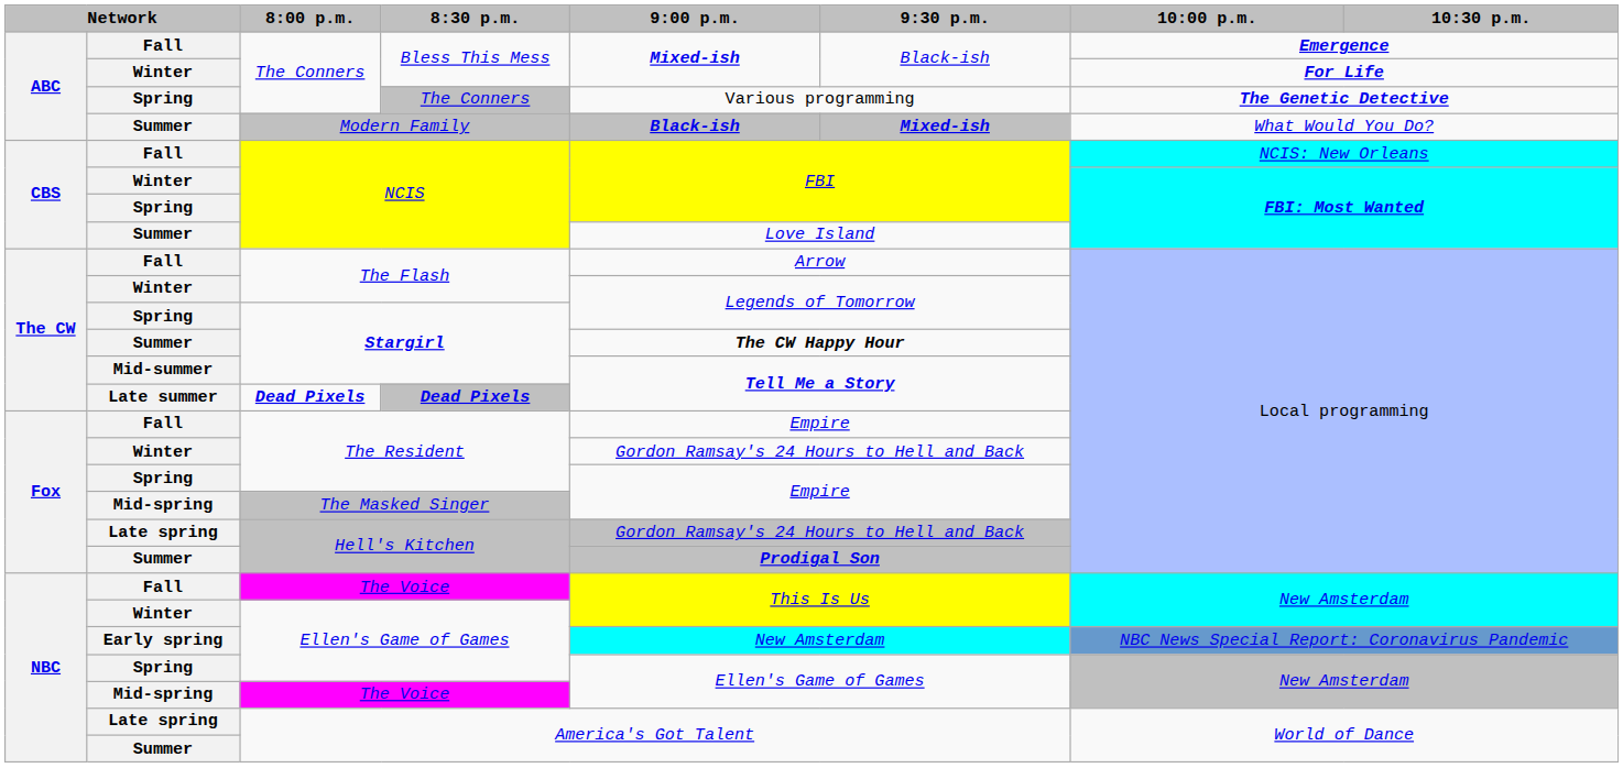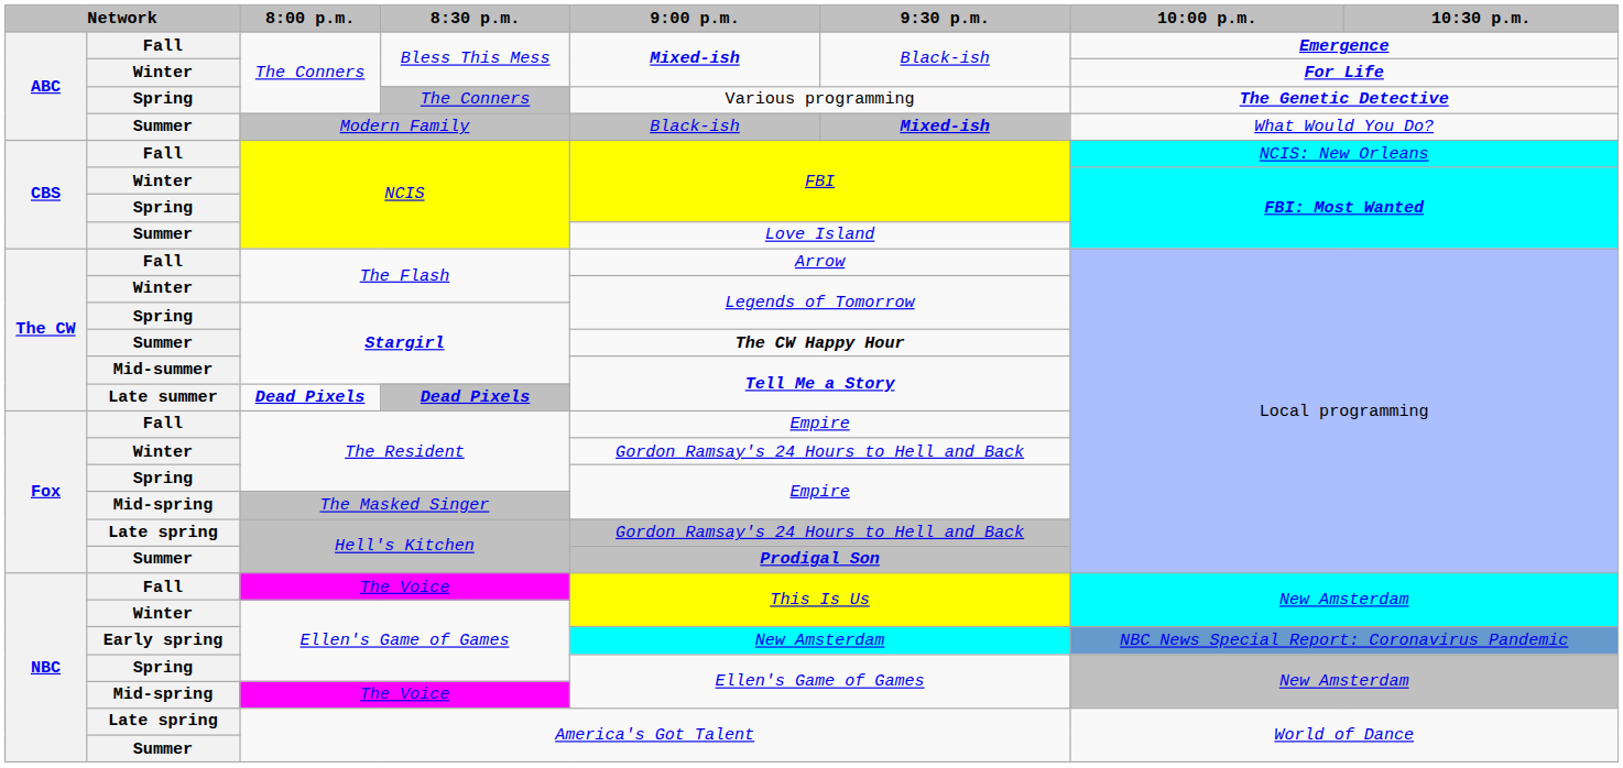 <table class="wikitable" style="width:100%;margin-right:0;text-align:center">
 <tr>
 <th colspan="2" style="background-color:#C0C0C0;text-align:center">Network</th>
 <th style="background-color:#C0C0C0;text-align:center">8:00 p.m.</th>
 <th style="background-color:#C0C0C0;text-align:center">8:30 p.m.</th>
 <th style="background-color:#C0C0C0;text-align:center">9:00 p.m.</th>
 <th style="background-color:#C0C0C0;text-align:center">9:30 p.m.</th>
 <th style="background-color:#C0C0C0;text-align:center">10:00 p.m.</th>
 <th style="background-color:#C0C0C0;text-align:center">10:30 p.m.</th>
 </tr>
 <tr>
 <th rowspan="4"><a href='#'>ABC</a></th>
 <th>Fall</th>
 <td rowspan="3"><em><a href='#'>The Conners</a></em></td>
 <td rowspan="2"><em><a href='#'>Bless This Mess</a></em></td>
 <td rowspan="2"><strong><em><a href='#'>Mixed-ish</a></em></strong></td>
 <td rowspan="2"><em><a href='#'>Black-ish</a></em></td>
 <td colspan="2"><strong><em><a href='#'>Emergence</a></em></strong></td>
 </tr>
 <tr>
 <th>Winter</th>
 <td colspan="2"><strong><em><a href='#'>For Life</a></em></strong></td>
 </tr>
 <tr>
 <th>Spring</th>
 <td style="background:#C0C0C0;"><em><a href='#'>The Conners</a></em> </td>
 <td colspan="2">Various programming</td>
 <td colspan="2"><strong><em><a href='#'>The Genetic Detective</a></em></strong></td>
 </tr>
 <tr>
 <th>Summer</th>
 <td colspan="2" style="background:#C0C0C0;"><em><a href='#'>Modern Family</a></em> </td>
-<td style="background:#C0C0C0;"><strong><em><a href='#'>Black-ish</a></em> </strong></td>
+<td style="background:#C0C0C0;"><em><a href='#'>Black-ish</a></em> </td>
 <td style="background:#C0C0C0;"><strong><em><a href='#'>Mixed-ish</a></em></strong> </td>
 <td colspan="2"><em><a href='#'>What Would You Do?</a></em></td>
 </tr>
 <tr>
 <th rowspan="4"><a href='#'>CBS</a></th>
 <th>Fall</th>
 <td rowspan="4" colspan="2" style="background:#FFFF00;"><em><a href='#'>NCIS</a></em> </td>
 <td rowspan="3" colspan="2" style="background:#FFFF00;"><em><a href='#'>FBI</a></em> </td>
 <td colspan="2" style="background:#00FFFF;"><em><a href='#'>NCIS: New Orleans</a></em> </td>
 </tr>
 <tr>
 <th>Winter</th>
 <td rowspan="3" colspan="2" style="background:#00FFFF;"><strong><em><a href='#'>FBI: Most Wanted</a></em></strong> </td>
 </tr>
 <tr>
 <th>Spring</th>
 </tr>
 <tr>
 <th>Summer</th>
 <td colspan="2"><em><a href='#'>Love Island</a></em></td>
 </tr>
 <tr>
 <th rowspan="6"><a href='#'>The CW</a></th>
 <th>Fall</th>
 <td rowspan="2" colspan="2"><em><a href='#'>The Flash</a></em></td>
 <td colspan="2"><em><a href='#'>Arrow</a></em></td>
 <td rowspan="12" colspan="2" style="background:#abbfff">Local programming</td>
 </tr>
 <tr>
 <th>Winter</th>
 <td rowspan="2" colspan="2"><em><a href='#'>Legends of Tomorrow</a></em></td>
 </tr>
 <tr>
 <th>Spring</th>
 <td rowspan="3" colspan="2"><strong><em><a href='#'>Stargirl</a></em></strong></td>
 </tr>
 <tr>
 <th>Summer</th>
 <td colspan="2"><strong><em>The CW Happy Hour</em></strong></td>
 </tr>
 <tr>
 <th>Mid-summer</th>
 <td rowspan="2" colspan="2"><strong><em><a href='#'>Tell Me a Story</a></em></strong></td>
 </tr>
 <tr>
 <th>Late summer</th>
 <td><strong><em><a href='#'>Dead Pixels</a></em></strong></td>
 <td style="background:#C0C0C0;"><strong><em><a href='#'>Dead Pixels</a></em></strong> </td>
 </tr>
 <tr>
 <th rowspan="6"><a href='#'>Fox</a></th>
 <th>Fall</th>
 <td rowspan="3" colspan="2"><em><a href='#'>The Resident</a></em></td>
 <td colspan="2"><em><a href='#'>Empire</a></em></td>
 </tr>
 <tr>
 <th>Winter</th>
 <td colspan="2"><em><a href='#'>Gordon Ramsay's 24 Hours to Hell and Back</a></em></td>
 </tr>
 <tr>
 <th>Spring</th>
 <td rowspan="2" colspan="2"><em><a href='#'>Empire</a></em></td>
 </tr>
 <tr>
 <th>Mid-spring</th>
 <td colspan="2" style="background:#C0C0C0;"><em><a href='#'>The Masked Singer</a></em> </td>
 </tr>
 <tr>
 <th>Late spring</th>
 <td rowspan="2" colspan="2" style="background:#C0C0C0;"><em><a href='#'>Hell's Kitchen</a></em> </td>
 <td colspan="2" style="background:#C0C0C0;"><em><a href='#'>Gordon Ramsay's 24 Hours to Hell and Back</a></em> </td>
 </tr>
 <tr>
 <th>Summer</th>
 <td colspan="2" style="background:#C0C0C0;"><strong><em><a href='#'>Prodigal Son</a></em></strong> </td>
 </tr>
 <tr>
 <th rowspan="7"><a href='#'>NBC</a></th>
 <th>Fall</th>
 <td colspan="2" style="background:#FF00FF;"><em><a href='#'>The Voice</a></em> </td>
 <td rowspan="2" colspan="2" style="background:#FFFF00;"><em><a href='#'>This Is Us</a></em> </td>
 <td rowspan="2" colspan="2" style="background:#00FFFF;"><em><a href='#'>New Amsterdam</a></em> </td>
 </tr>
 <tr>
 <th>Winter</th>
 <td rowspan="3" colspan="2"><em><a href='#'>Ellen's Game of Games</a></em></td>
 </tr>
 <tr>
 <th>Early spring</th>
 <td colspan="2" style="background:#00FFFF;"><em><a href='#'>New Amsterdam</a></em> </td>
 <td colspan="2" style="background:#6699CC;"><em><a href='#'>NBC News Special Report: Coronavirus Pandemic</a></em></td>
 </tr>
 <tr>
 <th>Spring</th>
 <td rowspan="2" colspan="2"><em><a href='#'>Ellen's Game of Games</a></em></td>
 <td rowspan="2" colspan="2" style="background:#C0C0C0;"><em><a href='#'>New Amsterdam</a></em> </td>
 </tr>
 <tr>
 <th>Mid-spring</th>
 <td colspan="2" style="background:#FF00FF;"><em><a href='#'>The Voice</a></em> </td>
 </tr>
 <tr>
 <th>Late spring</th>
 <td rowspan="2" colspan="4"><em><a href='#'>America's Got Talent</a></em></td>
 <td rowspan="2" colspan="2"><em><a href='#'>World of Dance</a></em></td>
 </tr>
 <tr>
 <th>Summer</th>
 </tr>
 </table>
